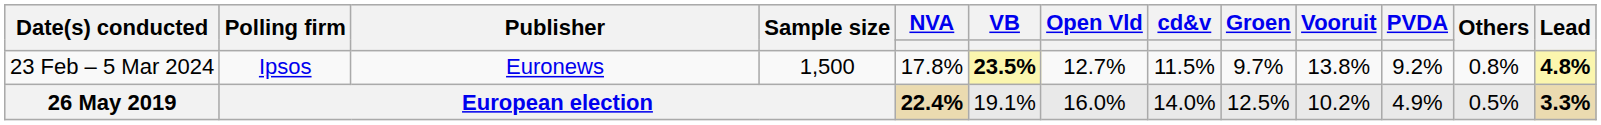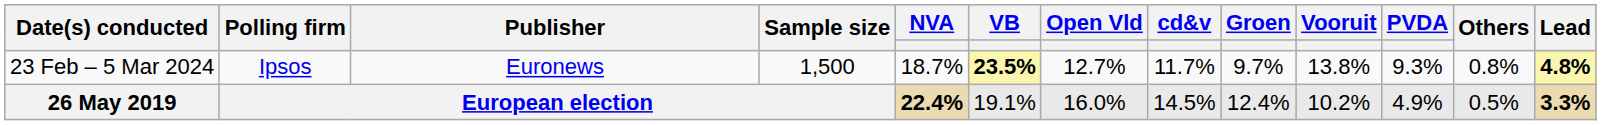 <table class="wikitable" style="text-align:center; font-size:90%; line-height:16px;">
 <tr style="background-color:#E9E9E9">
 <th rowspan="2" style="min-width: 66px">Date(s) conducted</th>
 <th rowspan="2">Polling firm</th>
 <th rowspan="2" style="min-width: 95px" width="260">Publisher</th>
 <th rowspan="2">Sample size</th>
 <th><a href='#'><span>NVA</span></a><br></th>
 <th><a href='#'><span>VB</span></a><br></th>
 <th><a href='#'><span>Open Vld</span></a><br></th>
 <th><a href='#'><span>cd&v</span></a><br></th>
 <th><a href='#'><span>Groen</span></a><br></th>
 <th><a href='#'><span>Vooruit</span></a><br></th>
 <th><a href='#'><span>PVDA</span></a><br></th>
 <th rowspan="2">Others</th>
 <th rowspan="2">Lead</th>
 </tr>
 <tr>
 <th class="unsortable" style="color:inherit;background:"></th>
 <th class="unsortable" style="color:inherit;background:"></th>
 <th class="unsortable" style="color:inherit;background:"></th>
 <th class="unsortable" style="color:inherit;background:"></th>
 <th class="unsortable" style="color:inherit;background:"></th>
 <th class="unsortable" style="color:inherit;background:"></th>
 <th class="unsortable" style="color:inherit;background:"></th>
 </tr>
 <tr>
 <td>23 Feb – 5 Mar 2024</td>
 <td><a href='#'>Ipsos</a></td>
 <td><a href='#'>Euronews</a></td>
 <td>1,500</td>
-<td>17.8%<br></td>
+<td>18.7%<br></td>
 <td style="background-color:#fff0004d"><strong>23.5%</strong><br></td>
 <td>12.7%<br></td>
-<td>11.5%<br></td>
+<td>11.7%<br></td>
 <td>9.7%<br></td>
 <td>13.8%<br></td>
-<td>9.2%<br></td>
+<td>9.3%<br></td>
 <td>0.8%<br></td>
 <td style="background-color:#fff0004d"><strong>4.8%</strong></td>
 </tr>
 <tr style="background-color:#E9E9E9">
 <th>26 May 2019</th>
 <th colspan="3"><a href='#'>European election</a></th>
 <td style="background-color:#f2bd2e4d"><strong>22.4%</strong><br></td>
 <td>19.1%<br></td>
 <td>16.0%<br></td>
-<td>14.0%<br></td>
-<td>12.5%<br></td>
+<td>14.5%<br></td>
+<td>12.4%<br></td>
 <td>10.2%<br></td>
 <td>4.9%<br></td>
 <td>0.5%<br></td>
 <td style="background-color:#f2bd2e4d"><strong>3.3%</strong></td>
 </tr>
 </table>
